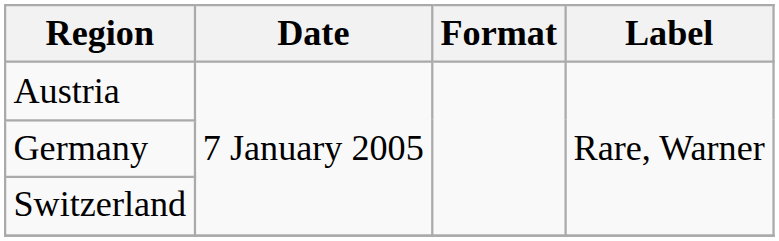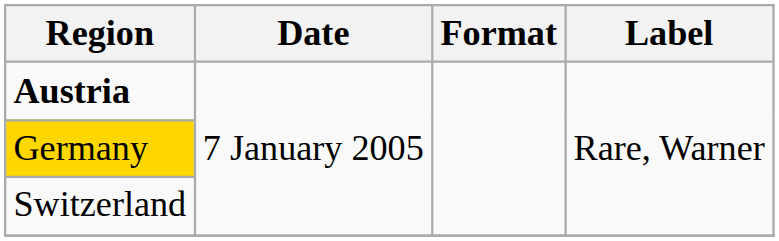 <table class="wikitable">
 <tr>
 <th scope="col">Region</th>
 <th scope="col">Date</th>
 <th scope="col">Format</th>
 <th scope="col">Label</th>
 </tr>
 <tr>
-<td>Austria</td>
+<td><strong>Austria</strong></td>
 <td rowspan="3">7 January 2005</td>
 <td rowspan="3"></td>
 <td rowspan="3">Rare, Warner</td>
 </tr>
 <tr>
-<td>Germany</td>
+<td style="background: gold;">Germany</td>
 </tr>
 <tr>
 <td>Switzerland</td>
 </tr>
 <tr>
 </tr>
 </table>
